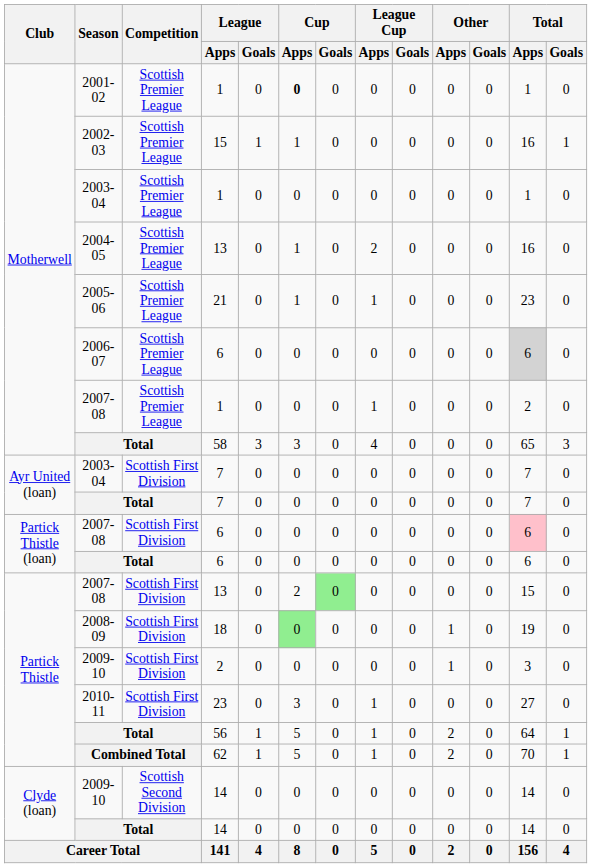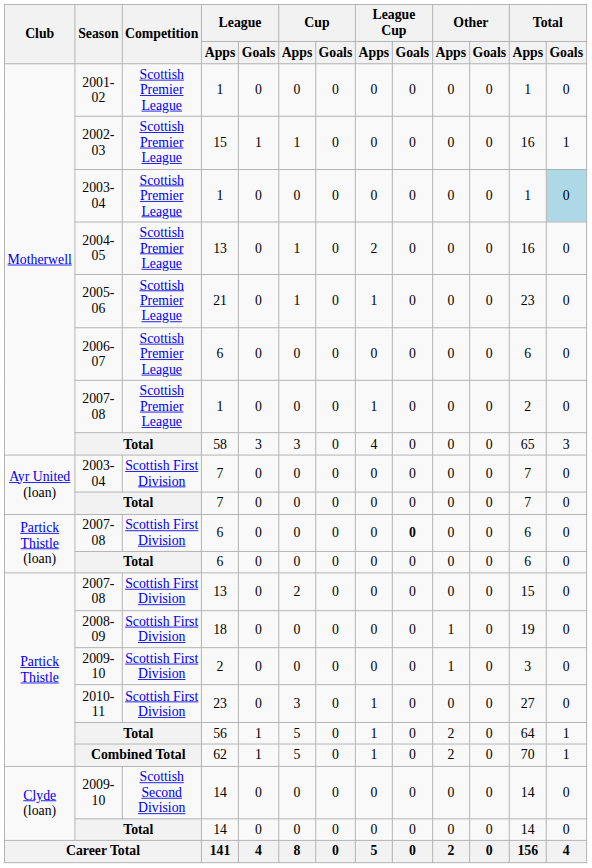 <table class="wikitable" style="text-align: center;">
 <tr>
 <th rowspan="2">Club</th>
 <th rowspan="2">Season</th>
 <th rowspan="2">Competition</th>
 <th colspan="2">League</th>
 <th colspan="2">Cup</th>
 <th colspan="2">League Cup</th>
 <th colspan="2">Other</th>
 <th colspan="2">Total</th>
 </tr>
 <tr>
 <th>Apps</th>
 <th>Goals</th>
 <th>Apps</th>
 <th>Goals</th>
 <th>Apps</th>
 <th>Goals</th>
 <th>Apps</th>
 <th>Goals</th>
 <th>Apps</th>
 <th>Goals</th>
 </tr>
 <tr>
 <td rowspan="8"><a href='#'>Motherwell</a></td>
 <td>2001-02</td>
 <td><a href='#'>Scottish Premier League</a></td>
 <td>1</td>
 <td>0</td>
-<td><strong>0</strong></td>
+<td>0</td>
 <td>0</td>
 <td>0</td>
 <td>0</td>
 <td>0</td>
 <td>0</td>
 <td>1</td>
 <td>0</td>
 </tr>
 <tr>
 <td>2002-03</td>
 <td><a href='#'>Scottish Premier League</a></td>
 <td>15</td>
 <td>1</td>
 <td>1</td>
 <td>0</td>
 <td>0</td>
 <td>0</td>
 <td>0</td>
 <td>0</td>
 <td>16</td>
 <td>1</td>
 </tr>
 <tr>
 <td>2003-04</td>
 <td><a href='#'>Scottish Premier League</a></td>
 <td>1</td>
 <td>0</td>
 <td>0</td>
 <td>0</td>
 <td>0</td>
 <td>0</td>
 <td>0</td>
 <td>0</td>
 <td>1</td>
-<td>0</td>
+<td style="background: lightblue;">0</td>
 </tr>
 <tr>
 <td>2004-05</td>
 <td><a href='#'>Scottish Premier League</a></td>
 <td>13</td>
 <td>0</td>
 <td>1</td>
 <td>0</td>
 <td>2</td>
 <td>0</td>
 <td>0</td>
 <td>0</td>
 <td>16</td>
 <td>0</td>
 </tr>
 <tr>
 <td>2005-06</td>
 <td><a href='#'>Scottish Premier League</a></td>
 <td>21</td>
 <td>0</td>
 <td>1</td>
 <td>0</td>
 <td>1</td>
 <td>0</td>
 <td>0</td>
 <td>0</td>
 <td>23</td>
 <td>0</td>
 </tr>
 <tr>
 <td>2006-07</td>
 <td><a href='#'>Scottish Premier League</a></td>
 <td>6</td>
 <td>0</td>
 <td>0</td>
 <td>0</td>
 <td>0</td>
 <td>0</td>
 <td>0</td>
 <td>0</td>
-<td style="background: lightgrey;">6</td>
+<td>6</td>
 <td>0</td>
 </tr>
 <tr>
 <td>2007-08</td>
 <td><a href='#'>Scottish Premier League</a></td>
 <td>1</td>
 <td>0</td>
 <td>0</td>
 <td>0</td>
 <td>1</td>
 <td>0</td>
 <td>0</td>
 <td>0</td>
 <td>2</td>
 <td>0</td>
 </tr>
 <tr>
 <th colspan="2">Total</th>
 <td>58</td>
 <td>3</td>
 <td>3</td>
 <td>0</td>
 <td>4</td>
 <td>0</td>
 <td>0</td>
 <td>0</td>
 <td>65</td>
 <td>3</td>
 </tr>
 <tr>
 <td rowspan="2"><a href='#'>Ayr United</a> (loan)</td>
 <td>2003-04</td>
 <td><a href='#'>Scottish First Division</a></td>
 <td>7</td>
 <td>0</td>
 <td>0</td>
 <td>0</td>
 <td>0</td>
 <td>0</td>
 <td>0</td>
 <td>0</td>
 <td>7</td>
 <td>0</td>
 </tr>
 <tr>
 <th colspan="2">Total</th>
 <td>7</td>
 <td>0</td>
 <td>0</td>
 <td>0</td>
 <td>0</td>
 <td>0</td>
 <td>0</td>
 <td>0</td>
 <td>7</td>
 <td>0</td>
 </tr>
 <tr>
 <td rowspan="2"><a href='#'>Partick Thistle</a> (loan)</td>
 <td>2007-08</td>
 <td><a href='#'>Scottish First Division</a></td>
 <td>6</td>
 <td>0</td>
 <td>0</td>
 <td>0</td>
 <td>0</td>
+<td><strong>0</strong></td>
 <td>0</td>
 <td>0</td>
-<td>0</td>
-<td style="background: pink;">6</td>
+<td>6</td>
 <td>0</td>
 </tr>
 <tr>
 <th colspan="2">Total</th>
 <td>6</td>
 <td>0</td>
 <td>0</td>
 <td>0</td>
 <td>0</td>
 <td>0</td>
 <td>0</td>
 <td>0</td>
 <td>6</td>
 <td>0</td>
 </tr>
 <tr>
 <td rowspan="6"><a href='#'>Partick Thistle</a></td>
 <td>2007-08</td>
 <td><a href='#'>Scottish First Division</a></td>
 <td>13</td>
 <td>0</td>
 <td>2</td>
-<td style="background: lightgreen;">0</td>
+<td>0</td>
 <td>0</td>
 <td>0</td>
 <td>0</td>
 <td>0</td>
 <td>15</td>
 <td>0</td>
 </tr>
 <tr>
 <td>2008-09</td>
 <td><a href='#'>Scottish First Division</a></td>
 <td>18</td>
 <td>0</td>
-<td style="background: lightgreen;">0</td>
+<td>0</td>
 <td>0</td>
 <td>0</td>
 <td>0</td>
 <td>1</td>
 <td>0</td>
 <td>19</td>
 <td>0</td>
 </tr>
 <tr>
 <td>2009-10</td>
 <td><a href='#'>Scottish First Division</a></td>
 <td>2</td>
 <td>0</td>
 <td>0</td>
 <td>0</td>
 <td>0</td>
 <td>0</td>
 <td>1</td>
 <td>0</td>
 <td>3</td>
 <td>0</td>
 </tr>
 <tr>
 <td>2010-11</td>
 <td><a href='#'>Scottish First Division</a></td>
 <td>23</td>
 <td>0</td>
 <td>3</td>
 <td>0</td>
 <td>1</td>
 <td>0</td>
 <td>0</td>
 <td>0</td>
 <td>27</td>
 <td>0</td>
 </tr>
 <tr>
 <th colspan="2">Total</th>
 <td>56</td>
 <td>1</td>
 <td>5</td>
 <td>0</td>
 <td>1</td>
 <td>0</td>
 <td>2</td>
 <td>0</td>
 <td>64</td>
 <td>1</td>
 </tr>
 <tr>
 <th colspan="2">Combined Total</th>
 <td>62</td>
 <td>1</td>
 <td>5</td>
 <td>0</td>
 <td>1</td>
 <td>0</td>
 <td>2</td>
 <td>0</td>
 <td>70</td>
 <td>1</td>
 </tr>
 <tr>
 <td rowspan="2"><a href='#'>Clyde</a> (loan)</td>
 <td>2009-10</td>
 <td><a href='#'>Scottish Second Division</a></td>
 <td>14</td>
 <td>0</td>
 <td>0</td>
 <td>0</td>
 <td>0</td>
 <td>0</td>
 <td>0</td>
 <td>0</td>
 <td>14</td>
 <td>0</td>
 </tr>
 <tr>
 <th colspan="2">Total</th>
 <td>14</td>
 <td>0</td>
 <td>0</td>
 <td>0</td>
 <td>0</td>
 <td>0</td>
 <td>0</td>
 <td>0</td>
 <td>14</td>
 <td>0</td>
 </tr>
 <tr>
 <th colspan="3">Career Total</th>
 <th>141</th>
 <th>4</th>
 <th>8</th>
 <th>0</th>
 <th>5</th>
 <th>0</th>
 <th>2</th>
 <th>0</th>
 <th>156</th>
 <th>4</th>
 </tr>
 </table>
